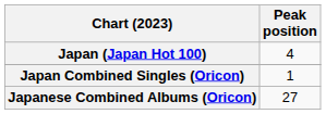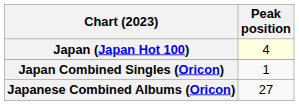 <table class="wikitable sortable plainrowheaders" style="text-align:center">
 <tr>
 <th scope="col">Chart (2023)</th>
 <th scope="col">Peak<br>position</th>
 </tr>
 <tr>
 <th scope="row">Japan (<a href='#'>Japan Hot 100</a>)</th>
-<td>4</td>
+<td style="background: lightyellow;">4</td>
 </tr>
 <tr>
 </tr>
 <tr>
 <th scope="row">Japan Combined Singles (<a href='#'>Oricon</a>)</th>
 <td>1</td>
 </tr>
 <tr>
 <th scope="row">Japanese Combined Albums (<a href='#'>Oricon</a>)</th>
 <td>27</td>
 </tr>
 </table>
